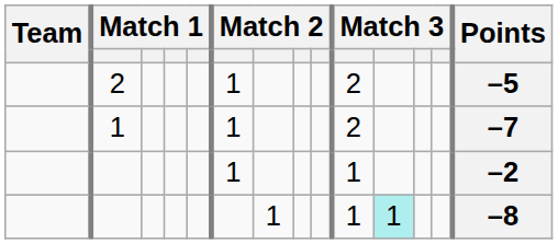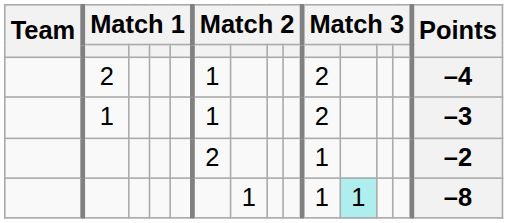 <table class="wikitable sortable" style="text-align:center;">
 <tr>
 <th rowspan=2>Team</th>
 <th colspan=4 style="border-left:3px solid gray">Match 1</th>
 <th colspan=4 style="border-left:3px solid gray">Match 2</th>
 <th colspan=4 style="border-left:3px solid gray">Match 3</th>
 <th rowspan=2 style="border-left:3px solid gray">Points</th>
 </tr>
 <tr>
 <th style="border-left:3px solid gray"></th>
 <th></th>
 <th></th>
 <th></th>
 <th style="border-left:3px solid gray"></th>
 <th></th>
 <th></th>
 <th></th>
 <th style="border-left:3px solid gray"></th>
 <th></th>
 <th></th>
 <th></th>
 </tr>
 <tr>
 <td align=left></td>
 <td style="border-left:3px solid gray">2</td>
 <td></td>
 <td></td>
 <td></td>
 <td style="border-left:3px solid gray">1</td>
 <td></td>
 <td></td>
 <td></td>
 <td style="border-left:3px solid gray">2</td>
 <td></td>
 <td></td>
 <td></td>
-<th style="border-left:3px solid gray">–5</th>
+<th style="border-left:3px solid gray">–4</th>
 </tr>
 <tr>
 <td align=left></td>
 <td style="border-left:3px solid gray">1</td>
 <td></td>
 <td></td>
 <td></td>
 <td style="border-left:3px solid gray">1</td>
 <td></td>
 <td></td>
 <td></td>
 <td style="border-left:3px solid gray">2</td>
 <td></td>
 <td></td>
 <td></td>
-<th style="border-left:3px solid gray">–7</th>
+<th style="border-left:3px solid gray">–3</th>
 </tr>
 <tr>
 <td align=left></td>
 <td style="border-left:3px solid gray"></td>
 <td></td>
 <td></td>
 <td></td>
-<td style="border-left:3px solid gray">1</td>
+<td style="border-left:3px solid gray">2</td>
 <td></td>
 <td></td>
 <td></td>
 <td style="border-left:3px solid gray">1</td>
 <td></td>
 <td></td>
 <td></td>
 <th style="border-left:3px solid gray">–2</th>
 </tr>
 <tr>
 <td align=left></td>
 <td style="border-left:3px solid gray"></td>
 <td></td>
 <td></td>
 <td></td>
 <td style="border-left:3px solid gray"></td>
 <td>1</td>
 <td></td>
 <td></td>
 <td style="border-left:3px solid gray">1</td>
 <td style="background: paleturquoise;">1</td>
 <td></td>
 <td></td>
 <th style="border-left:3px solid gray">–8</th>
 </tr>
 </table>
